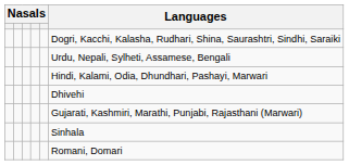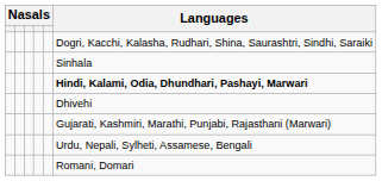 <table class="wikitable">
 <tr>
 <th colspan=5>Nasals</th>
 <th rowspan=2>Languages</th>
 </tr>
 <tr>
 <th></th>
 <th></th>
 <th></th>
 <th></th>
 <th></th>
 </tr>
 <tr>
 <td></td>
 <td></td>
 <td></td>
 <td></td>
 <td></td>
 <td><small>Dogri, Kacchi, Kalasha, Rudhari, Shina, Saurashtri, Sindhi, Saraiki</small></td>
 </tr>
 <tr>
 <td></td>
 <td></td>
 <td></td>
 <td></td>
 <td></td>
-<td><small>Urdu, Nepali, Sylheti, Assamese, Bengali</small></td>
+<td><small>Sinhala</small></td>
 </tr>
 <tr>
 <td></td>
 <td></td>
 <td></td>
 <td></td>
 <td></td>
-<td><small>Hindi, Kalami, Odia, Dhundhari, Pashayi, Marwari</small></td>
+<td><strong><small>Hindi, Kalami, Odia, Dhundhari, Pashayi, Marwari</small></strong></td>
 </tr>
 <tr>
 <td></td>
 <td></td>
 <td></td>
 <td></td>
 <td></td>
 <td><small>Dhivehi</small></td>
 </tr>
 <tr>
 <td></td>
 <td></td>
 <td></td>
 <td></td>
 <td></td>
 <td><small>Gujarati, Kashmiri, Marathi, Punjabi, Rajasthani (Marwari)</small></td>
 </tr>
 <tr>
 <td></td>
 <td></td>
 <td></td>
 <td></td>
 <td></td>
-<td><small>Sinhala</small></td>
+<td><small>Urdu, Nepali, Sylheti, Assamese, Bengali</small></td>
 </tr>
 <tr>
 <td></td>
 <td></td>
 <td></td>
 <td></td>
 <td></td>
 <td><small>Romani, Domari</small></td>
 </tr>
 </table>
